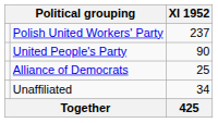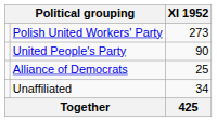 <table class="wikitable" style="text-align:right;">
 <tr>
 <th colspan=2>Political grouping</th>
 <th>XI 1952</th>
 </tr>
 <tr>
 <td style="background: "></td>
 <td style="text-align:left;"><a href='#'>Polish United Workers' Party</a></td>
-<td>237</td>
+<td>273</td>
 </tr>
 <tr>
 <td style="background: "></td>
 <td style="text-align:left;"><a href='#'>United People's Party</a></td>
 <td>90</td>
 </tr>
 <tr>
 <td style="background: "></td>
 <td style="text-align:left;"><a href='#'>Alliance of Democrats</a></td>
 <td>25</td>
 </tr>
 <tr>
 <td style="background:#"></td>
 <td style="text-align:left;">Unaffiliated</td>
 <td>34</td>
 </tr>
 <tr>
 <th colspan=2>Together</th>
 <th>425</th>
 </tr>
 </table>
